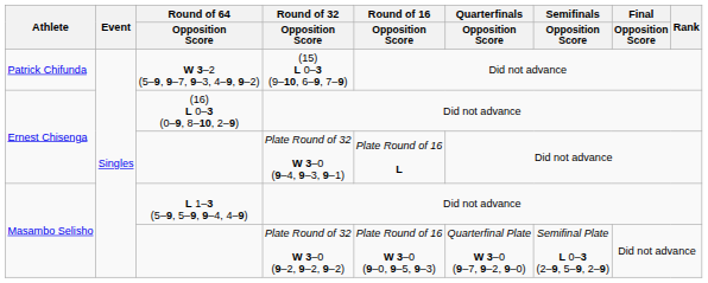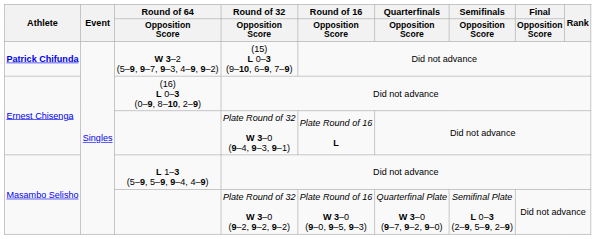 <table class="wikitable" style="font-size:90%;">
 <tr>
 <th rowspan="2">Athlete</th>
 <th rowspan="2">Event</th>
 <th>Round of 64</th>
 <th>Round of 32</th>
 <th>Round of 16</th>
 <th>Quarterfinals</th>
 <th>Semifinals</th>
 <th>Final</th>
 <th rowspan=2>Rank</th>
 </tr>
 <tr style="font-size:95%">
 <th>Opposition<br>Score</th>
 <th>Opposition<br>Score</th>
 <th>Opposition<br>Score</th>
 <th>Opposition<br>Score</th>
 <th>Opposition<br>Score</th>
 <th>Opposition<br>Score</th>
 </tr>
 <tr align=center>
-<td align=left><a href='#'>Patrick Chifunda</a></td>
+<td align=left><strong><a href='#'>Patrick Chifunda</a></strong></td>
 <td style="text-align:left;" rowspan=5><a href='#'>Singles</a></td>
 <td><br><strong>W</strong> <strong>3</strong>–2<br>(5–<strong>9</strong>, <strong>9</strong>–7, <strong>9</strong>–3, 4–<strong>9</strong>, <strong>9</strong>–2)</td>
 <td> (15)<br><strong>L</strong> 0–<strong>3</strong><br>(9–<strong>10</strong>, 6–<strong>9</strong>, 7–<strong>9</strong>)</td>
 <td colspan=5>Did not advance</td>
 </tr>
 <tr align=center>
 <td align=left rowspan=2><a href='#'>Ernest Chisenga</a></td>
 <td> (16)<br><strong>L</strong> 0–<strong>3</strong><br>(0–<strong>9</strong>, 8–<strong>10</strong>, 2–<strong>9</strong>)</td>
 <td colspan=6>Did not advance</td>
 </tr>
 <tr align=center>
 <td></td>
 <td><em>Plate Round of 32</em><br><br><strong>W</strong> <strong>3</strong>–0<br>(<strong>9</strong>–4, <strong>9</strong>–3, <strong>9</strong>–1)</td>
 <td><em>Plate Round of 16</em><br><br><strong>L</strong> </td>
 <td colspan=4>Did not advance</td>
 </tr>
 <tr align=center>
 <td align=left rowspan=2><a href='#'>Masambo Selisho</a></td>
 <td><br><strong>L</strong> 1–<strong>3</strong><br>(5–<strong>9</strong>, 5–<strong>9</strong>, <strong>9</strong>–4, 4–<strong>9</strong>)</td>
 <td colspan=6>Did not advance</td>
 </tr>
 <tr align=center>
 <td></td>
 <td><em>Plate Round of 32</em><br><br><strong>W</strong> <strong>3</strong>–0<br>(<strong>9</strong>–2, <strong>9</strong>–2, <strong>9</strong>–2)</td>
 <td><em>Plate Round of 16</em><br><br><strong>W</strong> <strong>3</strong>–0<br>(<strong>9</strong>–0, <strong>9</strong>–5, <strong>9</strong>–3)</td>
 <td><em>Quarterfinal Plate</em><br><br><strong>W</strong> <strong>3</strong>–0<br>(<strong>9</strong>–7, <strong>9</strong>–2, <strong>9</strong>–0)</td>
 <td><em>Semifinal Plate</em><br><br><strong>L</strong> 0–<strong>3</strong><br>(2–<strong>9</strong>, 5–<strong>9</strong>, 2–<strong>9</strong>)</td>
 <td colspan=2>Did not advance</td>
 </tr>
 </table>
